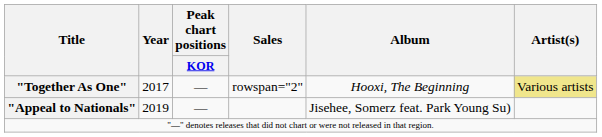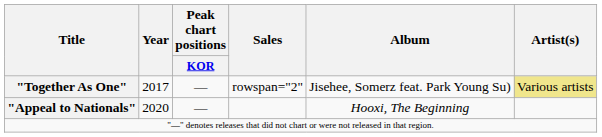 <table class="wikitable plainrowheaders" style="text-align:center">
 <tr>
 <th scope="col" rowspan="2">Title</th>
 <th scope="col" rowspan="2">Year</th>
 <th scope="col" colspan="1">Peak chart positions</th>
 <th scope="col" rowspan="2">Sales</th>
 <th scope="col" rowspan="2">Album</th>
 <th scope="col" rowspan="2">Artist(s)</th>
 </tr>
 <tr>
 <th style="text-align:center; width:30px; font-size:90%;"><a href='#'>KOR</a><br></th>
 </tr>
 <tr>
 <th scope="row">"Together As One"</th>
 <td>2017</td>
 <td>—</td>
 <td>rowspan="2" </td>
-<td><em>Hooxi, The Beginning</em></td>
+<td>Jisehee, Somerz feat. Park Young Su)</td>
 <td style="background: khaki;">Various artists</td>
 </tr>
 <tr>
 <th scope="row">"Appeal to Nationals" </th>
-<td>2019</td>
+<td>2020</td>
 <td>—</td>
 <td></td>
-<td>Jisehee, Somerz feat. Park Young Su)</td>
+<td><em>Hooxi, The Beginning</em></td>
 </tr>
 <tr>
 <td colspan="6" style="font-size:8pt;">"—" denotes releases that did not chart or were not released in that region.</td>
 </tr>
 </table>
